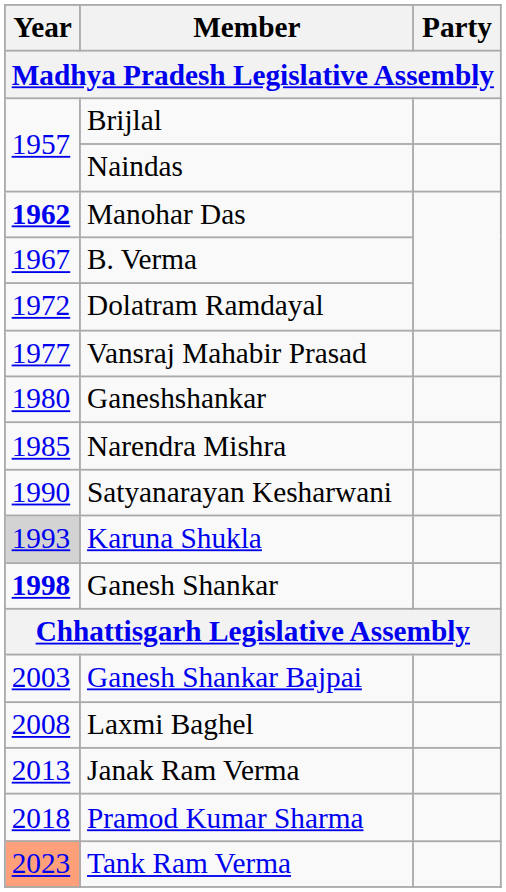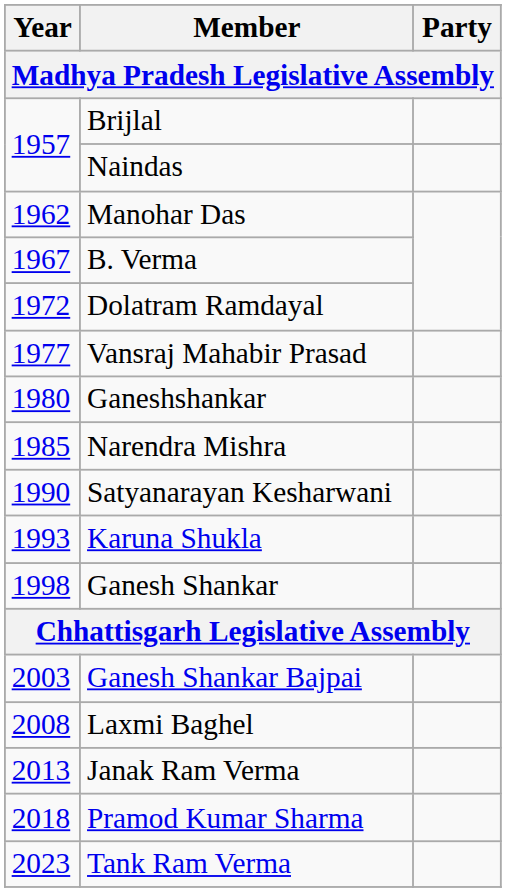 <table class="wikitable sortable">
 <tr>
 <th>Year</th>
 <th>Member</th>
 <th colspan="2">Party</th>
 </tr>
 <tr>
 <th colspan=4><a href='#'>Madhya Pradesh Legislative Assembly</a></th>
 </tr>
 <tr>
 <td rowspan="2"><a href='#'>1957</a></td>
 <td>Brijlal</td>
 <td></td>
 </tr>
 <tr>
 <td>Naindas</td>
 <td></td>
 </tr>
 <tr>
-<td><strong><a href='#'>1962</a></strong></td>
+<td><a href='#'>1962</a></td>
 <td>Manohar Das</td>
 </tr>
 <tr>
 <td><a href='#'>1967</a></td>
 <td>B. Verma</td>
 </tr>
 <tr>
 <td><a href='#'>1972</a></td>
 <td>Dolatram Ramdayal</td>
 </tr>
 <tr>
 <td><a href='#'>1977</a></td>
 <td>Vansraj Mahabir Prasad</td>
 <td></td>
 </tr>
 <tr>
 <td><a href='#'>1980</a></td>
 <td>Ganeshshankar</td>
 <td></td>
 </tr>
 <tr>
 <td><a href='#'>1985</a></td>
 <td>Narendra Mishra</td>
 <td></td>
 </tr>
 <tr>
 <td><a href='#'>1990</a></td>
 <td>Satyanarayan Kesharwani</td>
 <td></td>
 </tr>
 <tr>
-<td style="background: lightgrey;"><a href='#'>1993</a></td>
+<td><a href='#'>1993</a></td>
 <td><a href='#'>Karuna Shukla</a></td>
 </tr>
 <tr>
-<td><strong><a href='#'>1998</a></strong></td>
+<td><a href='#'>1998</a></td>
 <td>Ganesh Shankar</td>
 <td></td>
 </tr>
 <tr>
 <th colspan=4><a href='#'>Chhattisgarh Legislative Assembly</a></th>
 </tr>
 <tr>
 <td><a href='#'>2003</a></td>
 <td><a href='#'>Ganesh Shankar Bajpai</a></td>
 <td></td>
 </tr>
 <tr>
 <td><a href='#'>2008</a></td>
 <td>Laxmi Baghel</td>
 <td></td>
 </tr>
 <tr>
 <td><a href='#'>2013</a></td>
 <td>Janak Ram Verma</td>
 <td></td>
 </tr>
 <tr>
 <td><a href='#'>2018</a></td>
 <td><a href='#'>Pramod Kumar Sharma</a></td>
 <td></td>
 </tr>
 <tr>
-<td style="background: lightsalmon;"><a href='#'>2023</a></td>
+<td><a href='#'>2023</a></td>
 <td><a href='#'>Tank Ram Verma</a></td>
 <td></td>
 </tr>
 </table>
